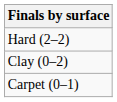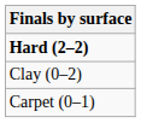 <table class=wikitable style=font-size:90%>
 <tr>
 <th>Finals by surface</th>
 </tr>
 <tr>
-<td>Hard (2–2)</td>
+<td><strong>Hard (2–2)</strong></td>
 </tr>
 <tr>
 <td>Clay (0–2)</td>
 </tr>
 <tr>
 <td>Carpet (0–1)</td>
 </tr>
 </table>
